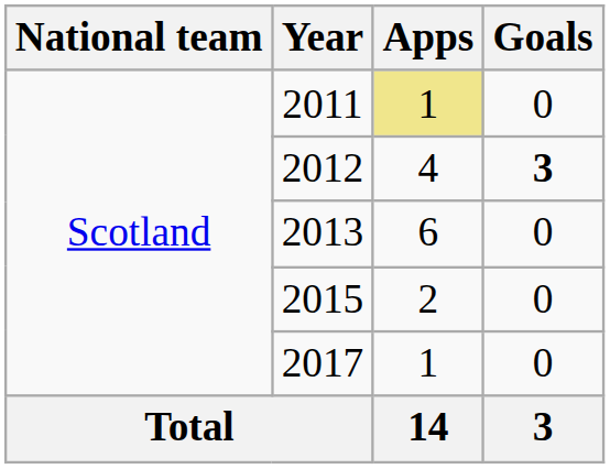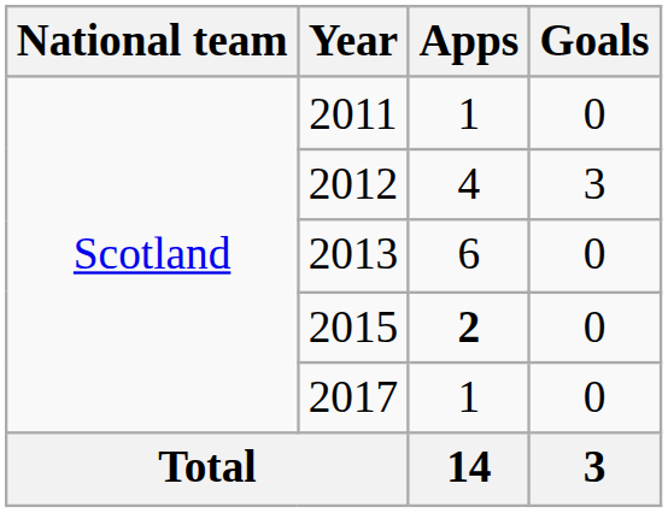 <table class=wikitable style="text-align:center;">
 <tr>
 <th>National team</th>
 <th>Year</th>
 <th>Apps</th>
 <th>Goals</th>
 </tr>
 <tr>
 <td rowspan=5><a href='#'>Scotland</a></td>
 <td>2011</td>
-<td style="background: khaki;">1</td>
+<td>1</td>
 <td>0</td>
 </tr>
 <tr>
 <td>2012</td>
 <td>4</td>
-<td><strong>3</strong></td>
+<td>3</td>
 </tr>
 <tr>
 <td>2013</td>
 <td>6</td>
 <td>0</td>
 </tr>
 <tr>
 <td>2015</td>
-<td>2</td>
+<td><strong>2</strong></td>
 <td>0</td>
 </tr>
 <tr>
 <td>2017</td>
 <td>1</td>
 <td>0</td>
 </tr>
 <tr>
 <th colspan=2>Total</th>
 <th>14</th>
 <th>3</th>
 </tr>
 </table>
